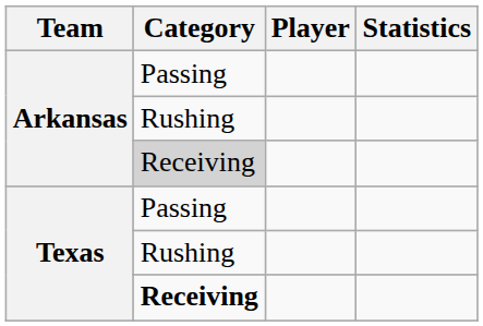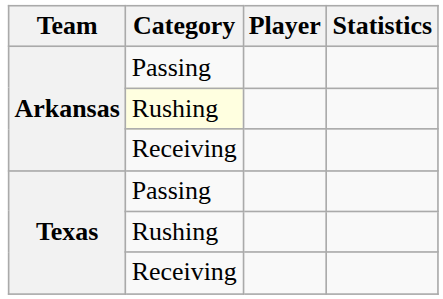 <table class="wikitable" style="float:right">
 <tr>
 <th>Team</th>
 <th>Category</th>
 <th>Player</th>
 <th>Statistics</th>
 </tr>
 <tr>
 <th rowspan=3>Arkansas</th>
 <td>Passing</td>
 <td></td>
 <td></td>
 </tr>
 <tr>
-<td>Rushing</td>
+<td style="background: lightyellow;">Rushing</td>
 <td></td>
 <td></td>
 </tr>
 <tr>
-<td style="background: lightgrey;">Receiving</td>
+<td>Receiving</td>
 <td></td>
 <td></td>
 </tr>
 <tr>
 <th rowspan=3>Texas</th>
 <td>Passing</td>
 <td></td>
 <td></td>
 </tr>
 <tr>
 <td>Rushing</td>
 <td></td>
 <td></td>
 </tr>
 <tr>
-<td><strong>Receiving</strong></td>
+<td>Receiving</td>
 <td></td>
 <td></td>
 </tr>
 </table>
